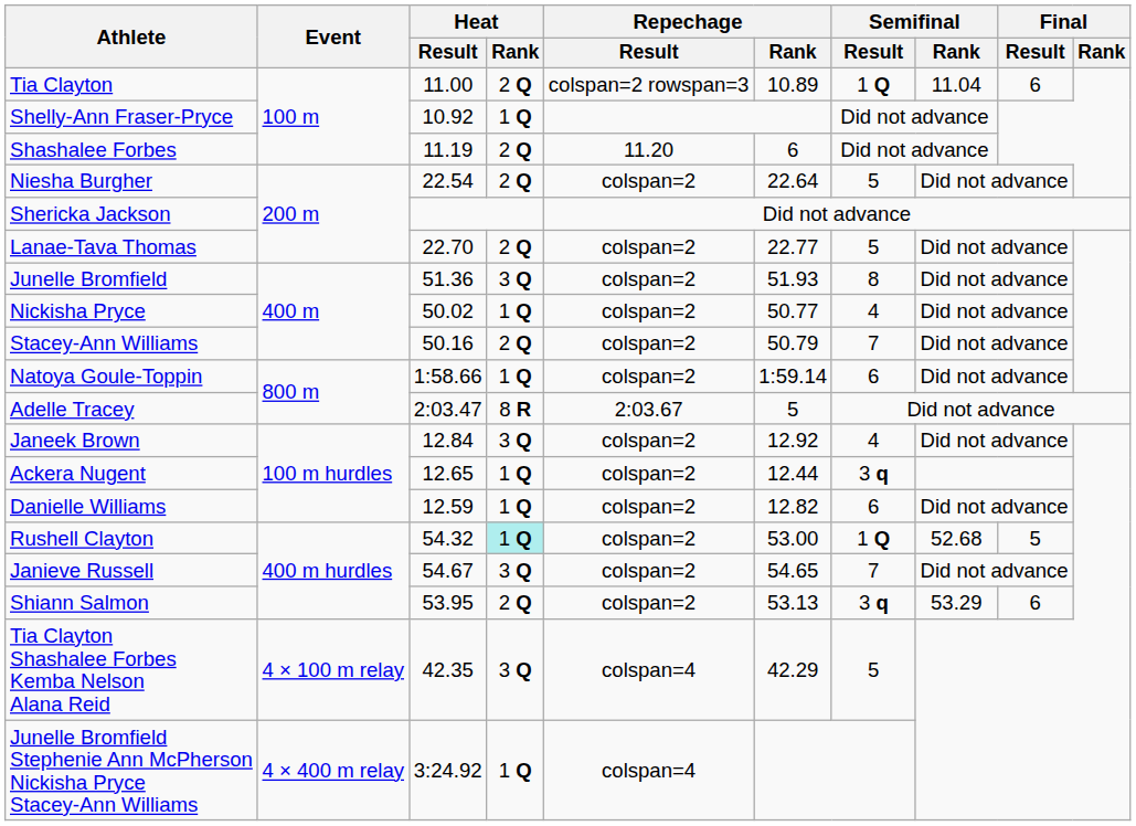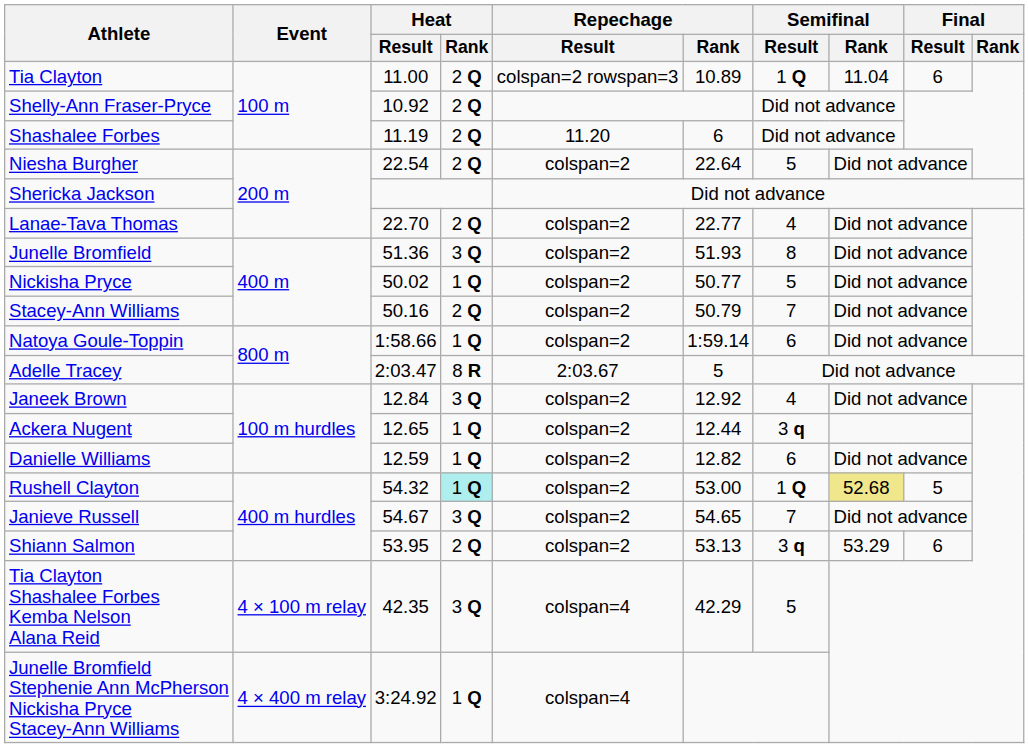 <table class="wikitable" style="font-size:90%">
 <tr>
 <th rowspan="2">Athlete</th>
 <th rowspan="2">Event</th>
 <th colspan="2">Heat</th>
 <th colspan="2">Repechage</th>
 <th colspan="2">Semifinal</th>
 <th colspan="2">Final</th>
 </tr>
 <tr style="font-size:95%">
 <th>Result</th>
 <th>Rank</th>
 <th>Result</th>
 <th>Rank</th>
 <th>Result</th>
 <th>Rank</th>
 <th>Result</th>
 <th>Rank</th>
 </tr>
 <tr align=center>
 <td align=left><a href='#'>Tia Clayton</a></td>
 <td align=left rowspan=3><a href='#'>100 m</a></td>
 <td>11.00</td>
 <td>2 <strong>Q</strong></td>
 <td>colspan=2 rowspan=3 </td>
 <td>10.89</td>
 <td>1 <strong>Q</strong></td>
 <td>11.04</td>
 <td>6</td>
 </tr>
 <tr align=center>
 <td align=left><a href='#'>Shelly-Ann Fraser-Pryce</a></td>
 <td>10.92</td>
-<td>1 <strong>Q</strong></td>
+<td>2 <strong>Q</strong></td>
 <td colspan=2></td>
 <td colspan=2>Did not advance</td>
 </tr>
 <tr align=center>
 <td align=left><a href='#'>Shashalee Forbes</a></td>
 <td>11.19</td>
 <td>2 <strong>Q</strong></td>
 <td>11.20</td>
 <td>6</td>
 <td colspan=2>Did not advance</td>
 </tr>
 <tr align=center>
 <td align=left><a href='#'>Niesha Burgher</a></td>
 <td align=left rowspan=3><a href='#'>200 m</a></td>
 <td>22.54</td>
 <td>2 <strong>Q</strong></td>
 <td>colspan=2 </td>
 <td>22.64</td>
 <td>5</td>
 <td colspan=2>Did not advance</td>
 </tr>
 <tr align=center>
 <td align=left><a href='#'>Shericka Jackson</a></td>
 <td colspan=2></td>
 <td colspan=6>Did not advance</td>
 </tr>
 <tr align=center>
 <td align=left><a href='#'>Lanae-Tava Thomas</a></td>
 <td>22.70</td>
 <td>2 <strong>Q</strong></td>
 <td>colspan=2 </td>
 <td>22.77</td>
-<td>5</td>
+<td>4</td>
 <td colspan=2>Did not advance</td>
 </tr>
 <tr align=center>
 <td align=left><a href='#'>Junelle Bromfield</a></td>
 <td align=left rowspan=3><a href='#'>400 m</a></td>
 <td>51.36</td>
 <td>3 <strong>Q</strong></td>
 <td>colspan=2 </td>
 <td>51.93</td>
 <td>8</td>
 <td colspan=2>Did not advance</td>
 </tr>
 <tr align=center>
 <td align=left><a href='#'>Nickisha Pryce</a></td>
 <td>50.02</td>
 <td>1 <strong>Q</strong></td>
 <td>colspan=2 </td>
 <td>50.77</td>
-<td>4</td>
+<td>5</td>
 <td colspan=2>Did not advance</td>
 </tr>
 <tr align=center>
 <td align=left><a href='#'>Stacey-Ann Williams</a></td>
 <td>50.16 <strong></strong></td>
 <td>2 <strong>Q</strong></td>
 <td>colspan=2 </td>
 <td>50.79</td>
 <td>7</td>
 <td colspan=2>Did not advance</td>
 </tr>
 <tr align=center>
 <td align=left><a href='#'>Natoya Goule-Toppin</a></td>
 <td align=left rowspan=2><a href='#'>800 m</a></td>
 <td>1:58.66</td>
 <td>1 <strong>Q</strong></td>
 <td>colspan=2 </td>
 <td>1:59.14</td>
 <td>6</td>
 <td colspan=2>Did not advance</td>
 </tr>
 <tr align=center>
 <td align=left><a href='#'>Adelle Tracey</a></td>
 <td>2:03.47 <strong></strong></td>
 <td>8 <strong>R</strong></td>
 <td>2:03.67</td>
 <td>5</td>
 <td colspan=4>Did not advance</td>
 </tr>
 <tr align=center>
 <td align=left><a href='#'>Janeek Brown</a></td>
 <td align=left rowspan=3><a href='#'>100 m hurdles</a></td>
 <td>12.84</td>
 <td>3 <strong>Q</strong></td>
 <td>colspan=2 </td>
 <td>12.92</td>
 <td>4</td>
 <td colspan=2>Did not advance</td>
 </tr>
 <tr align=center>
 <td align=left><a href='#'>Ackera Nugent</a></td>
 <td>12.65</td>
 <td>1 <strong>Q</strong></td>
 <td>colspan=2 </td>
 <td>12.44</td>
 <td>3 <strong>q</strong></td>
 <td colspan=2></td>
 </tr>
 <tr align=center>
 <td align=left><a href='#'>Danielle Williams</a></td>
 <td>12.59</td>
 <td>1 <strong>Q</strong></td>
 <td>colspan=2 </td>
 <td>12.82</td>
 <td>6</td>
 <td colspan=2>Did not advance</td>
 </tr>
 <tr align=center>
 <td align=left><a href='#'>Rushell Clayton</a></td>
 <td align=left rowspan=3><a href='#'>400 m hurdles</a></td>
 <td>54.32</td>
 <td style="background: paleturquoise;">1 <strong>Q</strong></td>
 <td>colspan=2 </td>
 <td>53.00</td>
 <td>1 <strong>Q</strong></td>
-<td>52.68</td>
+<td style="background: khaki;">52.68</td>
 <td>5</td>
 </tr>
 <tr align=center>
 <td align=left><a href='#'>Janieve Russell</a></td>
 <td>54.67</td>
 <td>3 <strong>Q</strong></td>
 <td>colspan=2 </td>
 <td>54.65</td>
 <td>7</td>
 <td colspan=2>Did not advance</td>
 </tr>
 <tr align=center>
 <td align=left><a href='#'>Shiann Salmon</a></td>
 <td>53.95</td>
 <td>2 <strong>Q</strong></td>
 <td>colspan=2 </td>
 <td>53.13</td>
 <td>3 <strong>q</strong></td>
 <td>53.29</td>
 <td>6</td>
 </tr>
 <tr align=center>
 <td align=left><a href='#'>Tia Clayton</a><br><a href='#'>Shashalee Forbes</a><br><a href='#'>Kemba Nelson</a><br><a href='#'>Alana Reid</a><br></td>
 <td align=left><a href='#'>4 × 100 m relay</a></td>
 <td>42.35 <strong></strong></td>
 <td>3 <strong>Q</strong></td>
 <td>colspan=4 </td>
 <td>42.29  <strong></strong></td>
 <td>5</td>
 </tr>
 <tr align=center>
 <td align=left><a href='#'>Junelle Bromfield</a><br><a href='#'>Stephenie Ann McPherson</a><br><a href='#'>Nickisha Pryce</a><br><a href='#'>Stacey-Ann Williams</a><br></td>
 <td align=left><a href='#'>4 × 400 m relay</a></td>
 <td>3:24.92 <strong></strong></td>
 <td>1 <strong>Q</strong></td>
 <td>colspan=4 </td>
 <td colspan=2></td>
 </tr>
 </table>
